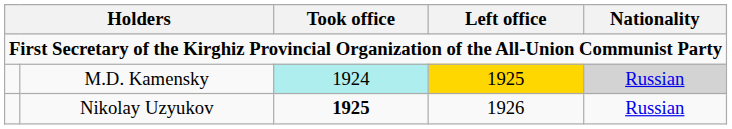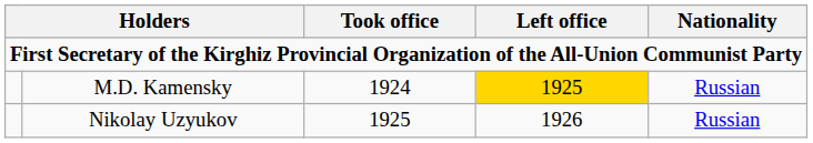 <table class="wikitable" style="text-align:center">
 <tr style="background:#cccccc">
 <th colspan="2" width="150">Holders</th>
 <th rowspan="1" width="125">Took office</th>
 <th rowspan="1" width="125">Left office</th>
 <th>Nationality</th>
 </tr>
 <tr>
 <td colspan="6" align=center><strong>First Secretary of the Kirghiz Provincial Organization of the All-Union Communist Party</strong></td>
 </tr>
 <tr>
 <td rowspan="1" style="background-color: "></td>
 <td rowspan=1>M.D. Kamensky<br></td>
-<td rowspan=1 style="background: paleturquoise;">1924<br></td>
+<td rowspan=1>1924<br></td>
 <td rowspan=1 style="background: gold;">1925<br></td>
-<td rowspan=1 style="background: lightgrey;"><a href='#'>Russian</a><br></td>
+<td rowspan=1><a href='#'>Russian</a><br></td>
 </tr>
 <tr>
 <td rowspan="1" style="background-color: "></td>
 <td rowspan=1>Nikolay Uzyukov<br></td>
-<td rowspan=1><strong>1925<br></strong></td>
+<td rowspan=1>1925<br></td>
 <td rowspan=1>1926</td>
 <td rowspan=1><a href='#'>Russian</a><br></td>
 </tr>
 </table>
